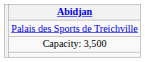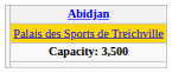 <table class="wikitable" style="text-align:center">
 <tr>
 <th rowspan="4" colspan="2"></th>
 <th><a href='#'>Abidjan</a></th>
 </tr>
 <tr>
-<td><a href='#'>Palais des Sports de Treichville</a></td>
+<td style="background: gold;"><a href='#'>Palais des Sports de Treichville</a></td>
 </tr>
 <tr>
-<td>Capacity: 3,500</td>
+<td><strong>Capacity: 3,500</strong></td>
 </tr>
 <tr>
 <td></td>
 </tr>
 </table>
